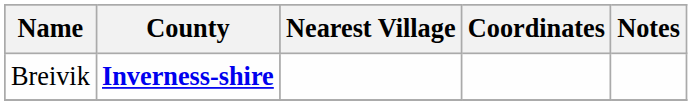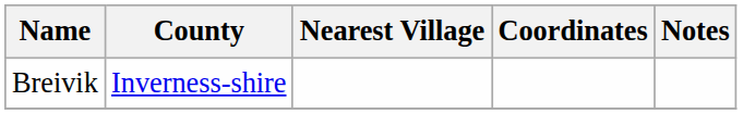 <table class="wikitable sortable" style="table-layout:fixed;background-color:#FEFEFE;font-size:95%;padding:0.30em;line-height:1.35em;">
 <tr>
 <th scope="col">Name</th>
 <th scope="col">County</th>
 <th scope="col">Nearest Village</th>
 <th scope="col" data-sort-type="number">Coordinates</th>
 <th scope="col">Notes</th>
 </tr>
 <tr>
 <td>Breivik</td>
-<td><strong><a href='#'>Inverness-shire</a></strong></td>
+<td><a href='#'>Inverness-shire</a></td>
 <td></td>
 <td></td>
 <td></td>
 </tr>
 <tr>
 </tr>
 </table>
